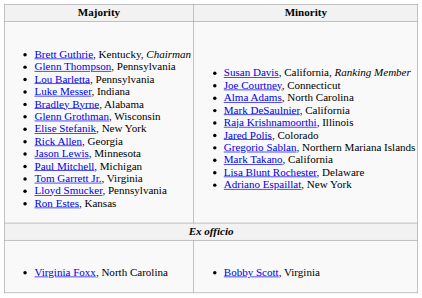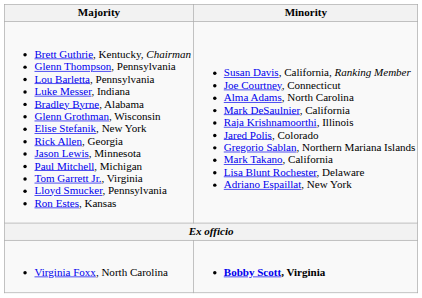 <table class=wikitable>
 <tr>
 <th>Majority</th>
 <th>Minority</th>
 </tr>
 <tr>
 <td><br><ul><li><a href='#'>Brett Guthrie</a>, Kentucky, <em>Chairman</em></li><li><a href='#'>Glenn Thompson</a>, Pennsylvania</li><li><a href='#'>Lou Barletta</a>, Pennsylvania</li><li><a href='#'>Luke Messer</a>, Indiana</li><li><a href='#'>Bradley Byrne</a>, Alabama</li><li><a href='#'>Glenn Grothman</a>, Wisconsin</li><li><a href='#'>Elise Stefanik</a>, New York</li><li><a href='#'>Rick Allen</a>, Georgia</li><li><a href='#'>Jason Lewis</a>, Minnesota</li><li><a href='#'>Paul Mitchell</a>, Michigan</li><li><a href='#'>Tom Garrett Jr.</a>, Virginia</li><li><a href='#'>Lloyd Smucker</a>, Pennsylvania</li><li><a href='#'>Ron Estes</a>, Kansas</li></ul></td>
 <td><br><ul><li><a href='#'>Susan Davis</a>, California, <em>Ranking Member</em></li><li><a href='#'>Joe Courtney</a>, Connecticut</li><li><a href='#'>Alma Adams</a>, North Carolina</li><li><a href='#'>Mark DeSaulnier</a>, California</li><li><a href='#'>Raja Krishnamoorthi</a>, Illinois</li><li><a href='#'>Jared Polis</a>, Colorado</li><li><span><a href='#'>Gregorio Sablan</a>, Northern Mariana Islands</span></li><li><a href='#'>Mark Takano</a>, California</li><li><a href='#'>Lisa Blunt Rochester</a>, Delaware</li><li><a href='#'>Adriano Espaillat</a>, New York</li></ul></td>
 </tr>
 <tr>
 <th colspan=2><em>Ex officio</em></th>
 </tr>
 <tr>
 <td><br><ul><li><a href='#'>Virginia Foxx</a>, North Carolina</li></ul></td>
-<td><br><ul><li><a href='#'>Bobby Scott</a>, Virginia</li></ul></td>
+<td><strong><br><ul><li><a href='#'>Bobby Scott</a>, Virginia</li></ul></strong></td>
 </tr>
 </table>
